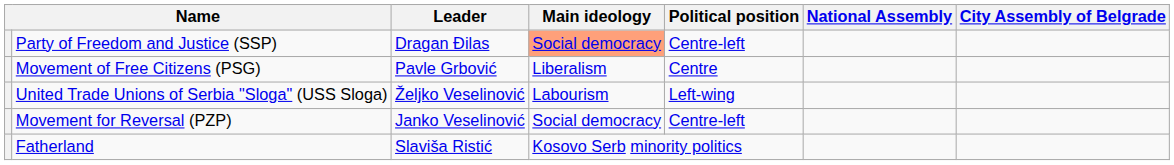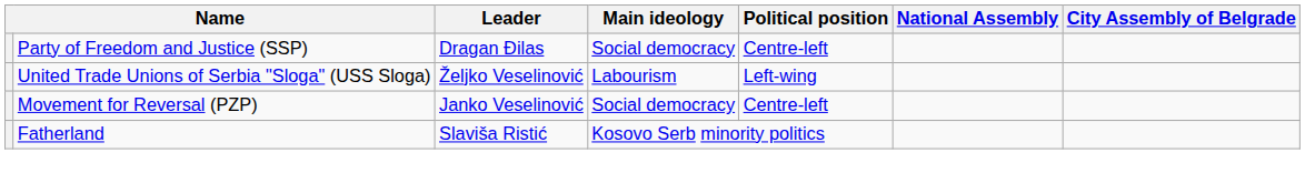 <table class="wikitable" style="text-align">
 <tr>
 <th colspan="2">Name</th>
 <th>Leader</th>
 <th>Main ideology</th>
 <th>Political position</th>
 <th><a href='#'>National Assembly</a></th>
 <th><a href='#'>City Assembly of Belgrade</a></th>
 </tr>
 <tr>
 <th style="background-color:"></th>
 <td><a href='#'>Party of Freedom and Justice</a> (SSP)</td>
 <td><a href='#'>Dragan Đilas</a></td>
-<td style="background: lightsalmon;"><a href='#'>Social democracy</a></td>
+<td><a href='#'>Social democracy</a></td>
 <td><a href='#'>Centre-left</a></td>
-<td></td>
-<td></td>
-</tr>
-<tr>
-<th style="background-color:"></th>
-<td><a href='#'>Movement of Free Citizens</a> (PSG)</td>
-<td><a href='#'>Pavle Grbović</a></td>
-<td><a href='#'>Liberalism</a></td>
-<td><a href='#'>Centre</a></td>
 <td></td>
 <td></td>
 </tr>
 <tr>
 <th style="background-color:"></th>
 <td><a href='#'>United Trade Unions of Serbia "Sloga"</a> (USS Sloga)</td>
 <td><a href='#'>Željko Veselinović</a></td>
 <td><a href='#'>Labourism</a></td>
 <td><a href='#'>Left-wing</a></td>
 <td></td>
 <td></td>
 </tr>
 <tr>
 <th style="background-color:"></th>
 <td><a href='#'>Movement for Reversal</a> (PZP)</td>
 <td><a href='#'>Janko Veselinović</a></td>
 <td><a href='#'>Social democracy</a></td>
 <td><a href='#'>Centre-left</a></td>
 <td></td>
 <td></td>
 </tr>
 <tr>
 <th style="background-color:"></th>
 <td><a href='#'>Fatherland</a></td>
 <td><a href='#'>Slaviša Ristić</a></td>
 <td colspan="2"><a href='#'>Kosovo Serb</a> <a href='#'>minority politics</a></td>
 <td></td>
 <td></td>
 </tr>
 </table>
